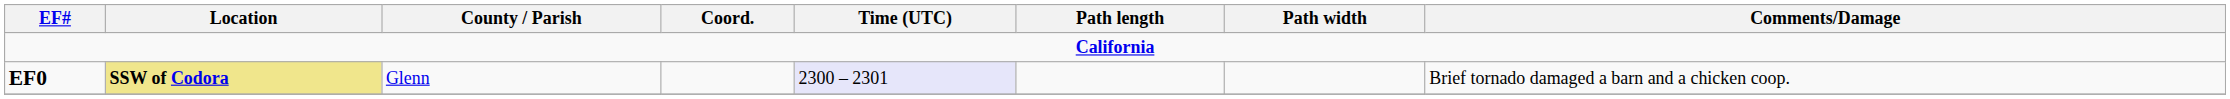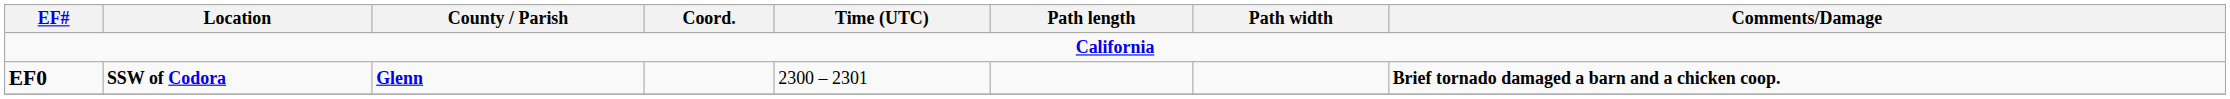 <table class="wikitable collapsible" width="100%">
 <tr>
 <th scope="col"><a href='#'>EF#</a></th>
 <th scope="col">Location</th>
 <th>County / Parish</th>
 <th scope="col">Coord.</th>
 <th scope="col">Time (UTC)</th>
 <th scope="col">Path length</th>
 <th scope="col">Path width</th>
 <th scope="col">Comments/Damage</th>
 </tr>
 <tr>
 <td colspan="8" align=center><strong><a href='#'>California</a></strong></td>
 </tr>
 <tr>
 <td><big><strong>EF0</strong></big></td>
-<td style="background: khaki;"><strong>SSW of <a href='#'>Codora</a></strong></td>
-<td><a href='#'>Glenn</a></td>
+<td><strong>SSW of <a href='#'>Codora</a></strong></td>
+<td><strong><a href='#'>Glenn</a></strong></td>
 <td></td>
-<td style="background: lavender;">2300 – 2301</td>
+<td>2300 – 2301</td>
 <td></td>
 <td></td>
-<td>Brief tornado damaged a barn and a chicken coop.</td>
+<td><strong>Brief tornado damaged a barn and a chicken coop.</strong></td>
 </tr>
 <tr>
 </tr>
 </table>
